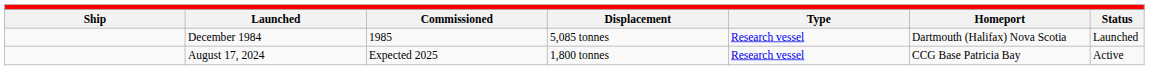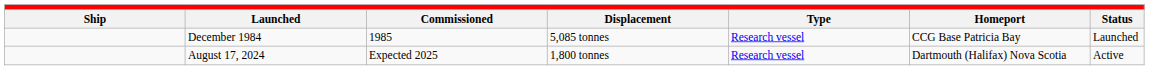 <table class="wikitable" style="margin:auto; width:100%;">
 <tr>
 <th style="align: center; background: #FF0000;" colspan="8"><strong></strong></th>
 </tr>
 <tr>
 </tr>
 <tr>
 <th style="text-align:center; width:14%;">Ship</th>
 <th style="text-align:center; width:14%;">Launched</th>
 <th style="text-align:center; width:14%;">Commissioned</th>
 <th style="text-align:center; width:14%;">Displacement</th>
 <th style="text-align:center; width:14%;">Type</th>
 <th style="text-align:center; width:14%;">Homeport</th>
 <th style="text-align:center; width:2%;">Status</th>
 </tr>
 <tr>
 <td></td>
 <td>December 1984</td>
 <td>1985</td>
 <td>5,085 tonnes </td>
 <td><a href='#'>Research vessel</a></td>
-<td>Dartmouth (Halifax) Nova Scotia</td>
+<td>CCG Base Patricia Bay</td>
 <td>Launched</td>
 </tr>
 <tr>
 <td></td>
 <td>August 17, 2024 </td>
 <td>Expected 2025</td>
 <td>1,800 tonnes</td>
 <td><a href='#'>Research vessel</a></td>
-<td>CCG Base Patricia Bay</td>
+<td>Dartmouth (Halifax) Nova Scotia</td>
 <td>Active</td>
 </tr>
 </table>
